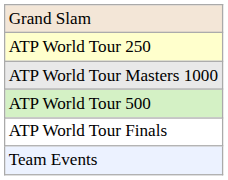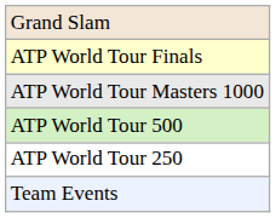 <table class="wikitable" style="font-size:85%">
 <tr bgcolor="#F3E6D7">
 <td>Grand Slam</td>
 </tr>
 <tr bgcolor="#ffffcc">
-<td>ATP World Tour 250</td>
+<td>ATP World Tour Finals</td>
 </tr>
 <tr bgcolor="#E9E9E9">
 <td>ATP World Tour Masters 1000</td>
 </tr>
 <tr bgcolor="#D4F1C5">
 <td>ATP World Tour 500</td>
 </tr>
 <tr bgcolor="#ffffff">
-<td>ATP World Tour Finals</td>
+<td>ATP World Tour 250</td>
 </tr>
 <tr bgcolor="#ECF2FF">
 <td>Team Events</td>
 </tr>
 </table>
